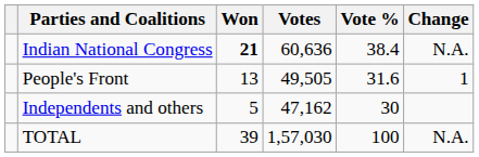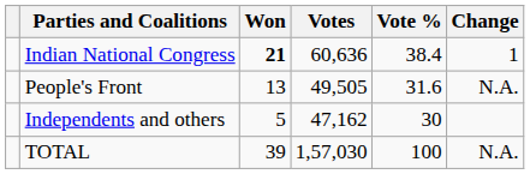 <table class="wikitable Sortable" border="2">
 <tr valign="top">
 <th></th>
 <th>Parties and Coalitions</th>
 <th>Won</th>
 <th>Votes</th>
 <th>Vote %</th>
 <th>Change</th>
 </tr>
 <tr>
 <td style="background-color:"> </td>
 <td style="text-align:left;"><a href='#'>Indian National Congress</a></td>
 <td align="right"><strong>21</strong></td>
 <td align="right">60,636</td>
 <td align="right">38.4</td>
-<td align="right">N.A.</td>
+<td align="right">1</td>
 </tr>
 <tr>
 <td style="background-color:"> </td>
 <td style="text-align:left;">People's Front</td>
 <td align="right">13</td>
 <td align="right">49,505</td>
 <td align="right">31.6</td>
-<td align="right">1</td>
+<td align="right">N.A.</td>
 </tr>
 <tr>
 <td style="background-color:"> </td>
 <td style="text-align:left;"><a href='#'>Independents</a> and others</td>
 <td align="right">5</td>
 <td align="right">47,162</td>
 <td align="right">30</td>
 <td align="right"></td>
 </tr>
 <tr>
 <td></td>
 <td>TOTAL</td>
 <td align="right">39</td>
 <td align="right">1,57,030</td>
 <td align="right">100</td>
 <td align="right">N.A.</td>
 </tr>
 </table>
